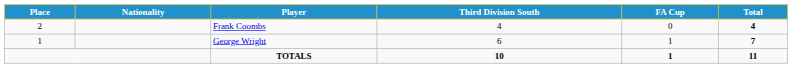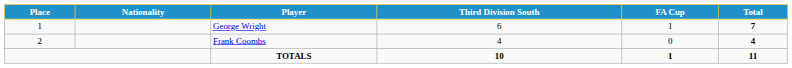 <table class="wikitable" style="text-align:center; font-size:90%; width:100%;">
 <tr>
 <th style="background:#2191CC; color:white; border:1px solid #F7C408; text-align:center;">Place</th>
 <th style="background:#2191CC; color:white; border:1px solid #F7C408; text-align:center;">Nationality</th>
 <th style="background:#2191CC; color:white; border:1px solid #F7C408; text-align:center;">Player</th>
 <th style="background:#2191CC; color:white; border:1px solid #F7C408; text-align:center;">Third Division South</th>
 <th style="background:#2191CC; color:white; border:1px solid #F7C408; text-align:center;">FA Cup</th>
 <th style="background:#2191CC; color:white; border:1px solid #F7C408; text-align:center;">Total</th>
 </tr>
 <tr>
+<td>1</td>
+<td></td>
+<td align="left"><a href='#'>George Wright</a></td>
+<td>6</td>
+<td>1</td>
+<td><strong>7</strong></td>
+</tr>
+<tr>
 <td>2</td>
 <td></td>
 <td align="left"><a href='#'>Frank Coombs</a></td>
 <td>4</td>
 <td>0</td>
 <td><strong>4</strong></td>
-</tr>
-<tr>
-<td>1</td>
-<td></td>
-<td align="left"><a href='#'>George Wright</a></td>
-<td>6</td>
-<td>1</td>
-<td><strong>7</strong></td>
 </tr>
 <tr>
 <td colspan="2"></td>
 <td><strong>TOTALS</strong></td>
 <td><strong>10</strong></td>
 <td><strong>1</strong></td>
 <td><strong>11</strong></td>
 </tr>
 </table>
